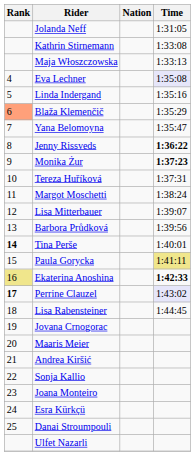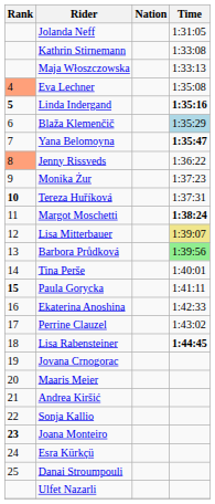 <table class="wikitable" style="font-size:95%" style="width:35em;">
 <tr>
 <th>Rank</th>
 <th>Rider</th>
 <th>Nation</th>
 <th>Time</th>
 </tr>
 <tr>
 <td></td>
 <td><a href='#'>Jolanda Neff</a></td>
 <td></td>
 <td>1:31:05</td>
 </tr>
 <tr>
 <td></td>
 <td><a href='#'>Kathrin Stirnemann</a></td>
 <td></td>
 <td>1:33:08</td>
 </tr>
 <tr>
 <td></td>
 <td><a href='#'>Maja Włoszczowska</a></td>
 <td></td>
 <td>1:33:13</td>
 </tr>
 <tr>
-<td>4</td>
+<td style="background: lightsalmon;">4</td>
 <td><a href='#'>Eva Lechner</a></td>
 <td></td>
-<td style="background: lavender;">1:35:08</td>
+<td>1:35:08</td>
 </tr>
 <tr>
-<td>5</td>
+<td><strong>5</strong></td>
 <td><a href='#'>Linda Indergand</a></td>
 <td></td>
-<td>1:35:16</td>
+<td><strong>1:35:16</strong></td>
 </tr>
 <tr>
-<td style="background: lightsalmon;">6</td>
+<td>6</td>
 <td><a href='#'>Blaža Klemenčič</a></td>
 <td></td>
-<td>1:35:29</td>
+<td style="background: lightblue;">1:35:29</td>
 </tr>
 <tr>
 <td>7</td>
 <td><a href='#'>Yana Belomoyna</a></td>
 <td></td>
-<td>1:35:47</td>
+<td><strong>1:35:47</strong></td>
 </tr>
 <tr>
-<td>8</td>
+<td style="background: lightsalmon;">8</td>
 <td><a href='#'>Jenny Rissveds</a></td>
 <td></td>
-<td><strong>1:36:22</strong></td>
+<td>1:36:22</td>
 </tr>
 <tr>
 <td>9</td>
 <td><a href='#'>Monika Żur</a></td>
 <td></td>
-<td><strong>1:37:23</strong></td>
+<td>1:37:23</td>
 </tr>
 <tr>
-<td>10</td>
+<td><strong>10</strong></td>
 <td><a href='#'>Tereza Huříková</a></td>
 <td></td>
 <td>1:37:31</td>
 </tr>
 <tr>
 <td>11</td>
 <td><a href='#'>Margot Moschetti</a></td>
 <td></td>
-<td>1:38:24</td>
+<td><strong>1:38:24</strong></td>
 </tr>
 <tr>
 <td>12</td>
 <td><a href='#'>Lisa Mitterbauer</a></td>
 <td></td>
-<td>1:39:07</td>
+<td style="background: khaki;">1:39:07</td>
 </tr>
 <tr>
 <td>13</td>
 <td><a href='#'>Barbora Průdková</a></td>
 <td></td>
-<td>1:39:56</td>
+<td style="background: lightgreen;">1:39:56</td>
 </tr>
 <tr>
-<td><strong>14</strong></td>
+<td>14</td>
 <td><a href='#'>Tina Perše</a></td>
 <td></td>
 <td>1:40:01</td>
 </tr>
 <tr>
-<td>15</td>
+<td><strong>15</strong></td>
 <td><a href='#'>Paula Gorycka</a></td>
 <td></td>
-<td style="background: khaki;">1:41:11</td>
+<td>1:41:11</td>
 </tr>
 <tr>
-<td style="background: khaki;">16</td>
+<td>16</td>
 <td><a href='#'>Ekaterina Anoshina</a></td>
 <td></td>
-<td><strong>1:42:33</strong></td>
+<td>1:42:33</td>
 </tr>
 <tr>
-<td><strong>17</strong></td>
+<td>17</td>
 <td><a href='#'>Perrine Clauzel</a></td>
 <td></td>
-<td style="background: lavender;">1:43:02</td>
+<td>1:43:02</td>
 </tr>
 <tr>
 <td>18</td>
 <td><a href='#'>Lisa Rabensteiner</a></td>
 <td></td>
-<td>1:44:45</td>
+<td><strong>1:44:45</strong></td>
 </tr>
 <tr>
 <td>19</td>
 <td><a href='#'>Jovana Crnogorac</a></td>
 <td></td>
 <td></td>
 </tr>
 <tr>
 <td>20</td>
 <td><a href='#'>Maaris Meier</a></td>
 <td></td>
 <td></td>
 </tr>
 <tr>
 <td>21</td>
 <td><a href='#'>Andrea Kiršić</a></td>
 <td></td>
 <td></td>
 </tr>
 <tr>
 <td>22</td>
 <td><a href='#'>Sonja Kallio</a></td>
 <td></td>
 <td></td>
 </tr>
 <tr>
-<td>23</td>
+<td><strong>23</strong></td>
 <td><a href='#'>Joana Monteiro</a></td>
 <td></td>
 <td></td>
 </tr>
 <tr>
 <td>24</td>
 <td><a href='#'>Esra Kürkçü</a></td>
 <td></td>
 <td></td>
 </tr>
 <tr>
 <td>25</td>
 <td><a href='#'>Danai Stroumpouli</a></td>
 <td></td>
 <td></td>
 </tr>
 <tr>
 <td></td>
 <td><a href='#'>Ulfet Nazarli</a></td>
 <td></td>
 <td></td>
 </tr>
 <tr>
 </tr>
 </table>
